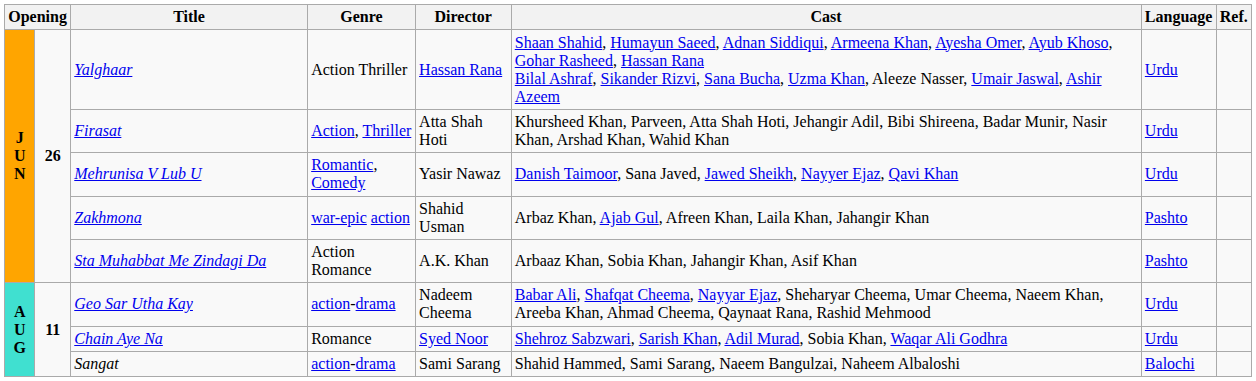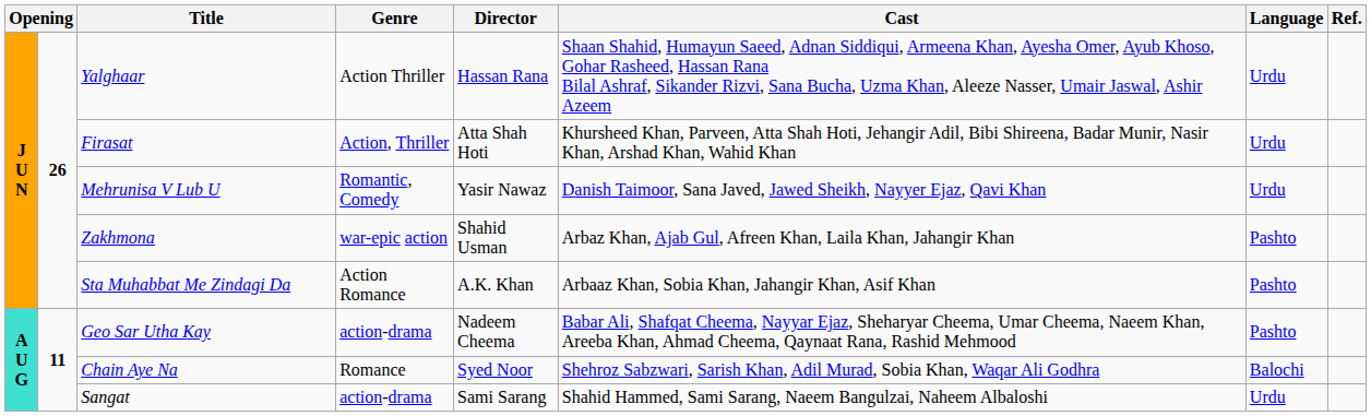 <table class="wikitable">
 <tr style="background:#b0e0e66; text-align:center;">
 <th colspan="2"><strong>Opening</strong></th>
 <th style="width:19%;"><strong>Title</strong></th>
 <th><strong>Genre</strong></th>
 <th><strong>Director</strong></th>
 <th><strong>Cast</strong></th>
 <th><strong>Language</strong></th>
 <th><strong>Ref.</strong></th>
 </tr>
 <tr>
 <td rowspan="5" style="text-align:center; background:orange; textcolor:#000;"><strong>J<br>U<br>N</strong></td>
 <td rowspan="5" style="text-align:center; textcolor:#000;"><strong>26</strong></td>
 <td><em><a href='#'>Yalghaar</a></em></td>
 <td>Action Thriller</td>
 <td><a href='#'>Hassan Rana</a></td>
 <td><a href='#'>Shaan Shahid</a>, <a href='#'>Humayun Saeed</a>, <a href='#'>Adnan Siddiqui</a>, <a href='#'>Armeena Khan</a>, <a href='#'>Ayesha Omer</a>, <a href='#'>Ayub Khoso</a>, <a href='#'>Gohar Rasheed</a>, <a href='#'>Hassan Rana</a><br><a href='#'>Bilal Ashraf</a>, <a href='#'>Sikander Rizvi</a>, <a href='#'>Sana Bucha</a>, <a href='#'>Uzma Khan</a>, Aleeze Nasser, <a href='#'>Umair Jaswal</a>, <a href='#'>Ashir Azeem</a></td>
 <td><a href='#'>Urdu</a></td>
 <td></td>
 </tr>
 <tr>
 <td><em><a href='#'>Firasat</a></em></td>
 <td><a href='#'>Action</a>, <a href='#'>Thriller</a></td>
 <td>Atta Shah Hoti</td>
 <td>Khursheed Khan, Parveen, Atta Shah Hoti, Jehangir Adil, Bibi Shireena, Badar Munir, Nasir Khan, Arshad Khan, Wahid Khan</td>
 <td><a href='#'>Urdu</a></td>
 <td></td>
 </tr>
 <tr>
 <td><em><a href='#'>Mehrunisa V Lub U</a></em></td>
 <td><a href='#'>Romantic</a>, <a href='#'>Comedy</a></td>
 <td>Yasir Nawaz</td>
 <td><a href='#'>Danish Taimoor</a>, Sana Javed, <a href='#'>Jawed Sheikh</a>, <a href='#'>Nayyer Ejaz</a>, <a href='#'>Qavi Khan</a></td>
 <td><a href='#'>Urdu</a></td>
 <td></td>
 </tr>
 <tr>
 <td><em><a href='#'>Zakhmona</a></em></td>
 <td><a href='#'>war-epic</a> <a href='#'>action</a></td>
 <td>Shahid Usman</td>
 <td>Arbaz Khan, <a href='#'>Ajab Gul</a>, Afreen Khan, Laila Khan, Jahangir Khan</td>
 <td><a href='#'>Pashto</a></td>
 <td></td>
 </tr>
 <tr>
 <td><em><a href='#'>Sta Muhabbat Me Zindagi Da</a></em></td>
 <td>Action Romance</td>
 <td>A.K. Khan</td>
 <td>Arbaaz Khan, Sobia Khan, Jahangir Khan, Asif Khan</td>
 <td><a href='#'>Pashto</a></td>
 <td></td>
 </tr>
 <tr>
 <td rowspan="3" style="text-align:center; background:#40e0d0; textcolor:#000;"><strong>A<br>U<br>G</strong></td>
 <td rowspan="3" style="text-align:center; textcolor:#000;"><strong>11</strong></td>
 <td><em><a href='#'>Geo Sar Utha Kay</a></em></td>
 <td><a href='#'>action</a>-<a href='#'>drama</a></td>
 <td>Nadeem Cheema</td>
 <td><a href='#'>Babar Ali</a>, <a href='#'>Shafqat Cheema</a>, <a href='#'>Nayyar Ejaz</a>, Sheharyar Cheema, Umar Cheema, Naeem Khan, Areeba Khan, Ahmad Cheema, Qaynaat Rana, Rashid Mehmood</td>
-<td><a href='#'>Urdu</a></td>
+<td><a href='#'>Pashto</a></td>
 <td></td>
 </tr>
 <tr>
 <td><em><a href='#'>Chain Aye Na</a></em></td>
 <td>Romance</td>
 <td><a href='#'>Syed Noor</a></td>
 <td><a href='#'>Shehroz Sabzwari</a>, <a href='#'>Sarish Khan</a>, <a href='#'>Adil Murad</a>, Sobia Khan, <a href='#'>Waqar Ali Godhra</a></td>
-<td><a href='#'>Urdu</a></td>
+<td><a href='#'>Balochi</a></td>
 <td></td>
 </tr>
 <tr>
 <td><em>Sangat</em></td>
 <td><a href='#'>action</a>-<a href='#'>drama</a></td>
 <td>Sami Sarang</td>
 <td>Shahid Hammed, Sami Sarang, Naeem Bangulzai, Naheem Albaloshi</td>
-<td><a href='#'>Balochi</a></td>
+<td><a href='#'>Urdu</a></td>
 <td></td>
 </tr>
 </table>
